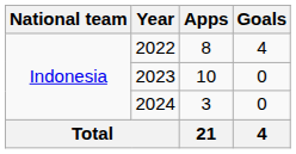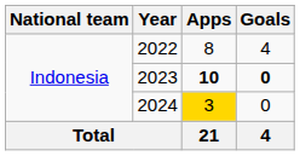 <table class="wikitable" style="text-align:center">
 <tr>
 <th>National team</th>
 <th>Year</th>
 <th>Apps</th>
 <th>Goals</th>
 </tr>
 <tr>
 <td rowspan="3"><a href='#'>Indonesia</a></td>
 <td>2022</td>
 <td>8</td>
 <td>4</td>
 </tr>
 <tr>
 <td>2023</td>
-<td>10</td>
-<td>0</td>
+<td><strong>10</strong></td>
+<td><strong>0</strong></td>
 </tr>
 <tr>
 <td>2024</td>
-<td>3</td>
+<td style="background: gold;">3</td>
 <td>0</td>
 </tr>
 <tr>
 <th colspan="2">Total</th>
 <th>21</th>
 <th>4</th>
 </tr>
 </table>
